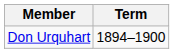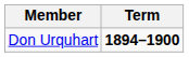 <table class="wikitable">
 <tr>
 <th>Member</th>
 <th>Term</th>
 </tr>
 <tr>
 <td><a href='#'>Don Urquhart</a></td>
-<td>1894–1900</td>
+<td><strong>1894–1900</strong></td>
 </tr>
 </table>
